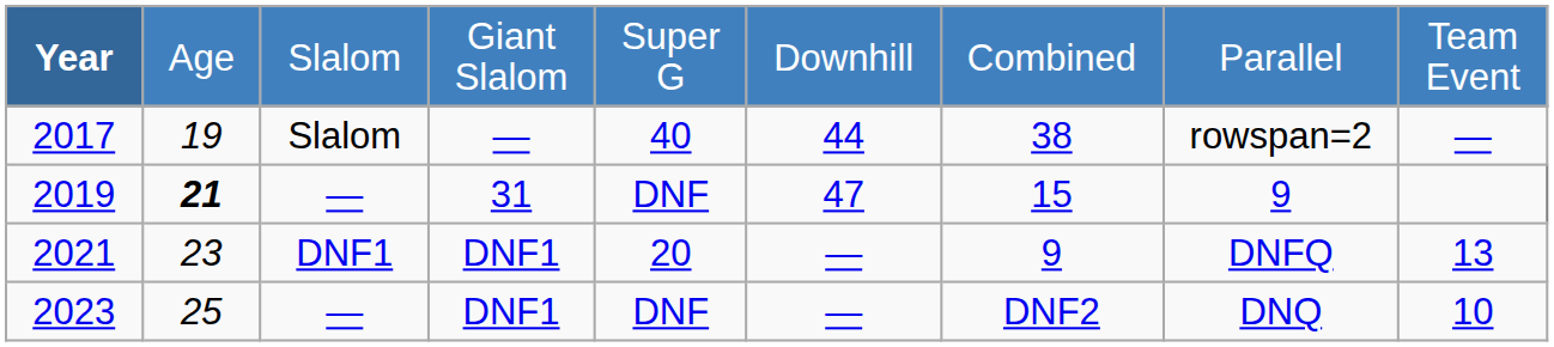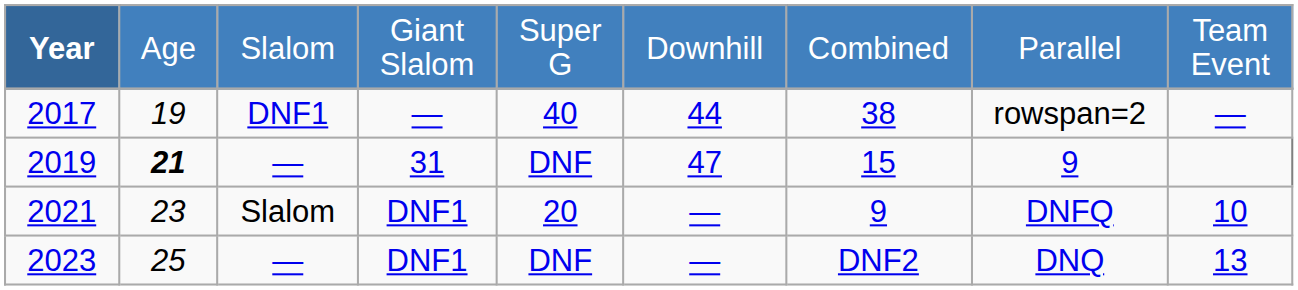 <table class="wikitable" style="font-size:95%; text-align:center; border:grey solid 1px; border-collapse:collapse;" width="50%">
 <tr style="background-color:#369; color:white;">
 <td rowspan="2" colspan="1" width="5%"><strong>Year</strong></td>
 </tr>
 <tr style="background-color:#4180be; color:white;">
 <td width="5%">Age</td>
 <td width="5%">Slalom</td>
 <td width="5%">Giant<br>Slalom</td>
 <td width="5%">Super G</td>
 <td width="5%">Downhill</td>
 <td width="5%">Combined</td>
 <td width="5%">Parallel</td>
 <td width="5%">Team Event</td>
 </tr>
 <tr style="background-color:#8CB2D8; color:white;">
 </tr>
 <tr>
 <td><a href='#'>2017</a></td>
 <td><em>19</em></td>
-<td width="5%">Slalom</td>
+<td><a href='#'>DNF1</a></td>
 <td><a href='#'>—</a></td>
 <td><a href='#'>40</a></td>
 <td><a href='#'>44</a></td>
 <td><a href='#'>38</a></td>
 <td>rowspan=2 </td>
 <td><a href='#'>—</a></td>
 </tr>
 <tr>
 <td><a href='#'>2019</a></td>
 <td><strong><em>21</em></strong></td>
 <td><a href='#'>—</a></td>
 <td><a href='#'>31</a></td>
 <td><a href='#'>DNF</a></td>
 <td><a href='#'>47</a></td>
 <td><a href='#'>15</a></td>
 <td><a href='#'>9</a></td>
 </tr>
 <tr>
 <td><a href='#'>2021</a></td>
 <td><em>23</em></td>
-<td><a href='#'>DNF1</a></td>
+<td width="5%">Slalom</td>
 <td><a href='#'>DNF1</a></td>
 <td><a href='#'>20</a></td>
 <td><a href='#'>—</a></td>
 <td><a href='#'>9</a></td>
 <td><a href='#'>DNFQ</a></td>
-<td><a href='#'>13</a></td>
+<td><a href='#'>10</a></td>
 </tr>
 <tr>
 <td><a href='#'>2023</a></td>
 <td><em>25</em></td>
 <td><a href='#'>—</a></td>
 <td><a href='#'>DNF1</a></td>
 <td><a href='#'>DNF</a></td>
 <td><a href='#'>—</a></td>
 <td><a href='#'>DNF2</a></td>
 <td><a href='#'>DNQ</a></td>
-<td><a href='#'>10</a></td>
+<td><a href='#'>13</a></td>
 </tr>
 </table>
